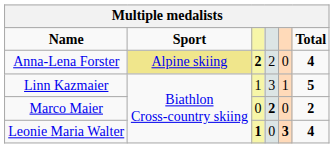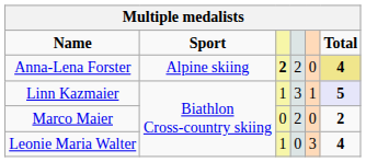 <table class=wikitable style="font-size:85%; float:right; clear:right; min-width:308px">
 <tr>
 <th colspan=6>Multiple medalists</th>
 </tr>
 <tr align="center">
 <td><strong>Name</strong></td>
 <td><strong>Sport</strong></td>
 <td bgcolor=#F7F6A8></td>
 <td bgcolor=#DCE5E5></td>
 <td bgcolor=#FFDAB9></td>
 <td><strong>Total</strong></td>
 </tr>
 <tr align="center">
 <td><a href='#'>Anna-Lena Forster</a></td>
-<td style="background: khaki;"><a href='#'>Alpine skiing</a></td>
+<td><a href='#'>Alpine skiing</a></td>
 <td bgcolor=#F7F6A8><strong>2</strong></td>
 <td bgcolor=#DCE5E5>2</td>
 <td bgcolor=#FFDAB9>0</td>
-<td><strong>4</strong></td>
+<td style="background: khaki;"><strong>4</strong></td>
 </tr>
 <tr align="center">
 <td><a href='#'>Linn Kazmaier</a><br></td>
 <td rowspan=3><a href='#'>Biathlon</a><br><a href='#'>Cross-country skiing</a></td>
 <td bgcolor=#F7F6A8>1</td>
 <td bgcolor=#DCE5E5>3</td>
 <td bgcolor=#FFDAB9>1</td>
-<td><strong>5</strong></td>
+<td style="background: lavender;"><strong>5</strong></td>
 </tr>
 <tr align="center">
 <td><a href='#'>Marco Maier</a></td>
 <td bgcolor=#F7F6A8>0</td>
-<td bgcolor=#DCE5E5><strong>2</strong></td>
+<td bgcolor=#DCE5E5>2</td>
 <td bgcolor=#FFDAB9>0</td>
 <td><strong>2</strong></td>
 </tr>
 <tr align="center">
 <td><a href='#'>Leonie Maria Walter</a><br></td>
-<td bgcolor=#F7F6A8><strong>1</strong></td>
+<td bgcolor=#F7F6A8>1</td>
 <td bgcolor=#DCE5E5>0</td>
-<td bgcolor=#FFDAB9><strong>3</strong></td>
+<td bgcolor=#FFDAB9>3</td>
 <td><strong>4</strong></td>
 </tr>
 </table>
